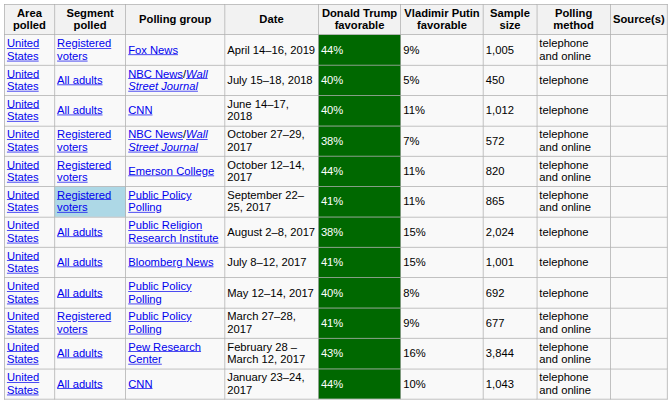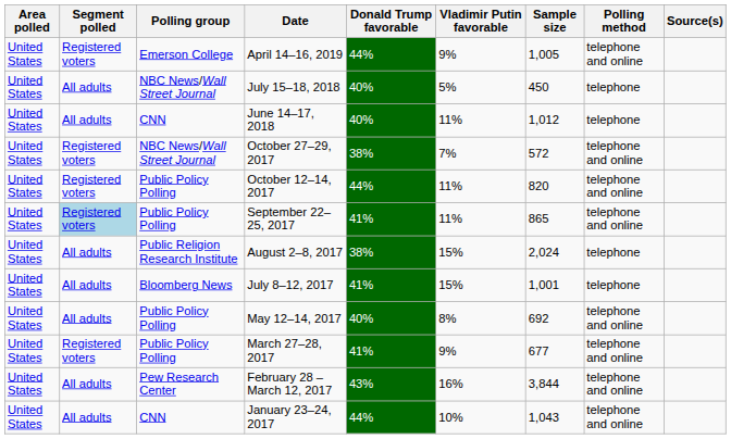 <table class="wikitable sortable" style="width: 75%;">
 <tr>
 <th>Area polled</th>
 <th>Segment polled</th>
 <th>Polling group</th>
 <th>Date</th>
 <th>Donald Trump favorable</th>
 <th>Vladimir Putin favorable</th>
 <th>Sample size</th>
 <th>Polling method</th>
 <th>Source(s)</th>
 </tr>
 <tr>
 <td> <a href='#'>United States</a></td>
 <td><a href='#'>Registered voters</a></td>
-<td><a href='#'>Fox News</a></td>
+<td><a href='#'>Emerson College</a></td>
 <td>April 14–16, 2019</td>
 <td style="background:#006800; color: white">44%</td>
 <td>9%</td>
 <td>1,005</td>
 <td>telephone and online</td>
 <td></td>
 </tr>
 <tr>
 <td> <a href='#'>United States</a></td>
 <td><a href='#'>All adults</a></td>
 <td><a href='#'>NBC News</a>/<em><a href='#'>Wall Street Journal</a></em></td>
 <td>July 15–18, 2018</td>
 <td style="background:#006800; color: white">40%</td>
 <td>5%</td>
 <td>450</td>
 <td>telephone</td>
 <td></td>
 </tr>
 <tr>
 <td> <a href='#'>United States</a></td>
 <td><a href='#'>All adults</a></td>
 <td><a href='#'>CNN</a></td>
 <td>June 14–17, 2018</td>
 <td style="background:#006800; color: white">40%</td>
 <td>11%</td>
 <td>1,012</td>
 <td>telephone</td>
 <td></td>
 </tr>
 <tr>
 <td> <a href='#'>United States</a></td>
 <td><a href='#'>Registered voters</a></td>
 <td><a href='#'>NBC News</a>/<em><a href='#'>Wall Street Journal</a></em></td>
 <td>October 27–29, 2017</td>
 <td style="background:#006800; color: white">38%</td>
 <td>7%</td>
 <td>572</td>
 <td>telephone and online</td>
 <td></td>
 </tr>
 <tr>
 <td> <a href='#'>United States</a></td>
 <td><a href='#'>Registered voters</a></td>
-<td><a href='#'>Emerson College</a></td>
+<td><a href='#'>Public Policy Polling</a></td>
 <td>October 12–14, 2017</td>
 <td style="background:#006800; color: white">44%</td>
 <td>11%</td>
 <td>820</td>
 <td>telephone and online</td>
 <td></td>
 </tr>
 <tr>
 <td> <a href='#'>United States</a></td>
 <td style="background: lightblue;"><a href='#'>Registered voters</a></td>
 <td><a href='#'>Public Policy Polling</a></td>
 <td>September 22–25, 2017</td>
 <td style="background:#006800; color: white">41%</td>
 <td>11%</td>
 <td>865</td>
 <td>telephone and online</td>
 <td></td>
 </tr>
 <tr>
 <td> <a href='#'>United States</a></td>
 <td><a href='#'>All adults</a></td>
 <td><a href='#'>Public Religion Research Institute</a></td>
 <td>August 2–8, 2017</td>
 <td style="background:#006800; color: white">38%</td>
 <td>15%</td>
 <td>2,024</td>
 <td>telephone</td>
 <td></td>
 </tr>
 <tr>
 <td> <a href='#'>United States</a></td>
 <td><a href='#'>All adults</a></td>
 <td><a href='#'>Bloomberg News</a></td>
 <td>July 8–12, 2017</td>
 <td style="background:#006800; color: white">41%</td>
 <td>15%</td>
 <td>1,001</td>
 <td>telephone</td>
 <td></td>
 </tr>
 <tr>
 <td> <a href='#'>United States</a></td>
 <td><a href='#'>All adults</a></td>
 <td><a href='#'>Public Policy Polling</a></td>
 <td>May 12–14, 2017</td>
 <td style="background:#006800; color: white">40%</td>
 <td>8%</td>
 <td>692</td>
-<td>telephone</td>
+<td>telephone and online</td>
 <td></td>
 </tr>
 <tr>
 <td> <a href='#'>United States</a></td>
 <td><a href='#'>Registered voters</a></td>
 <td><a href='#'>Public Policy Polling</a></td>
 <td>March 27–28, 2017</td>
 <td style="background:#006800; color: white">41%</td>
 <td>9%</td>
 <td>677</td>
 <td>telephone and online</td>
 <td></td>
 </tr>
 <tr>
 <td> <a href='#'>United States</a></td>
 <td><a href='#'>All adults</a></td>
 <td><a href='#'>Pew Research Center</a></td>
 <td>February 28 – March 12, 2017</td>
 <td style="background:#006800; color: white">43%</td>
 <td>16%</td>
 <td>3,844</td>
 <td>telephone and online</td>
 <td></td>
 </tr>
 <tr>
 <td> <a href='#'>United States</a></td>
 <td><a href='#'>All adults</a></td>
 <td><a href='#'>CNN</a></td>
 <td>January 23–24, 2017</td>
 <td style="background:#006800; color: white">44%</td>
 <td>10%</td>
 <td>1,043</td>
 <td>telephone and online</td>
 <td></td>
 </tr>
 </table>
